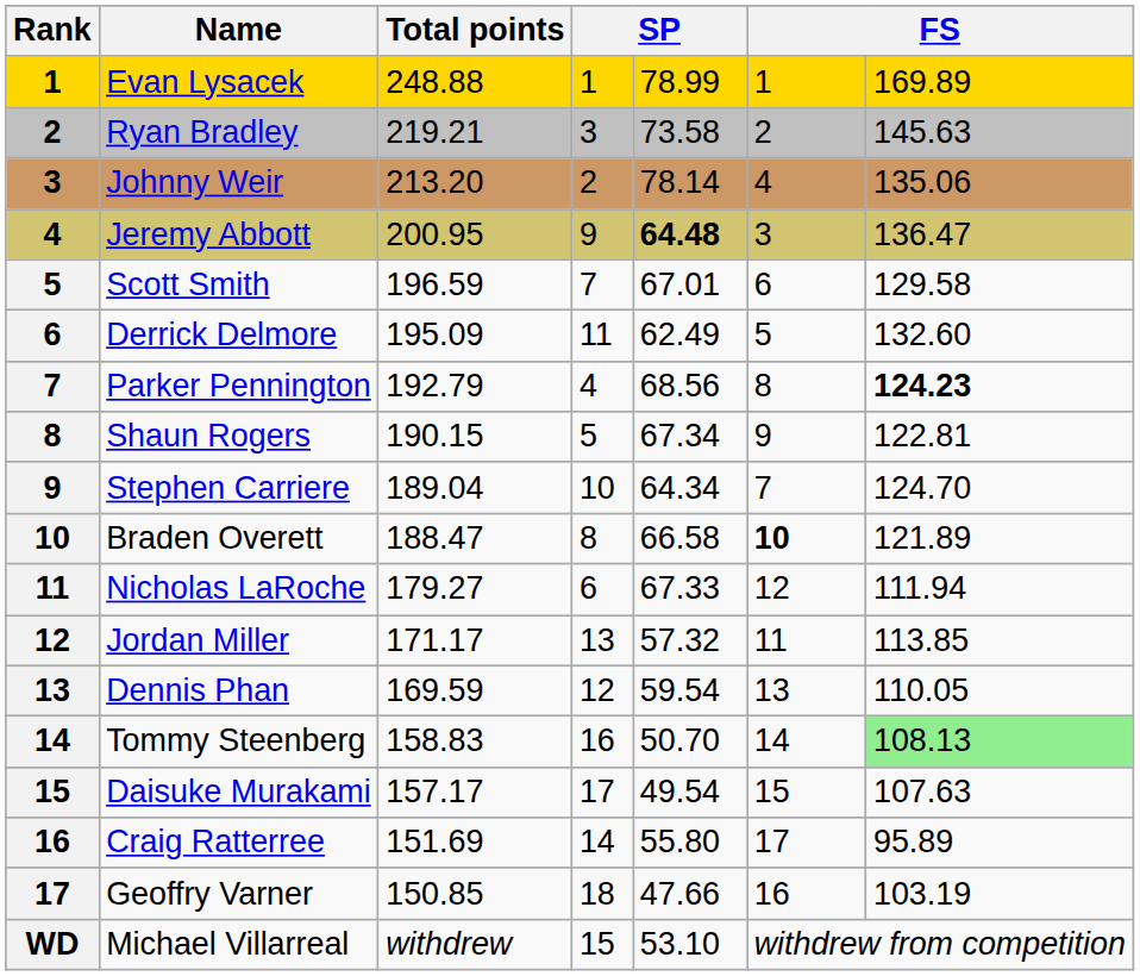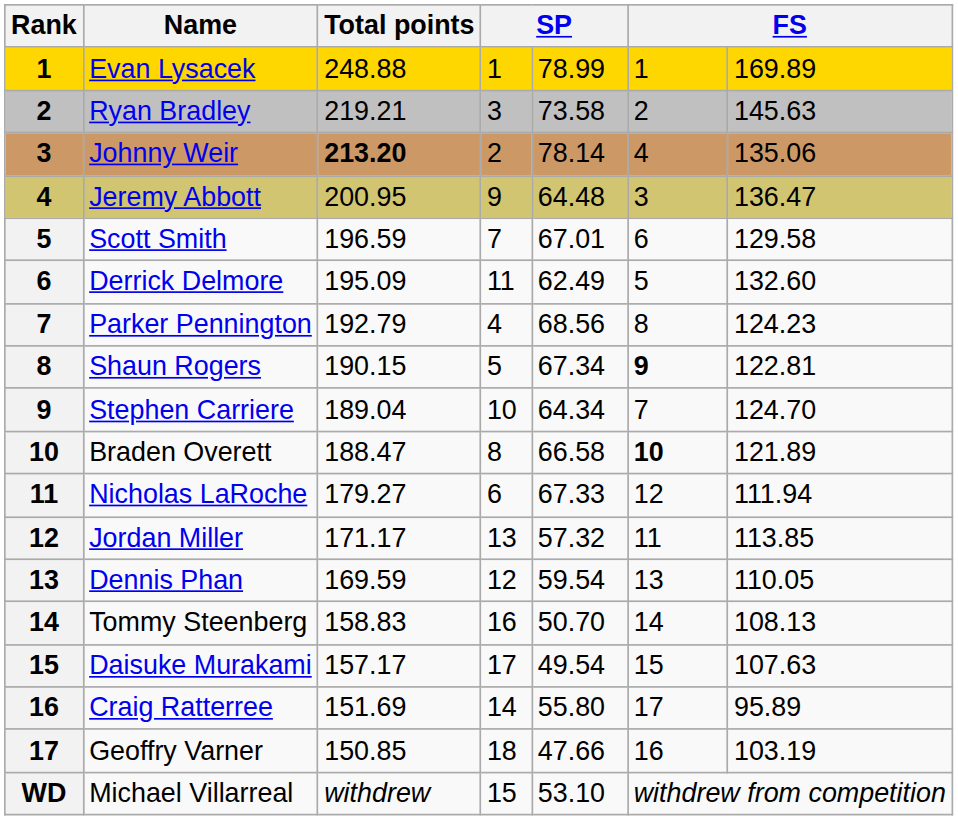 <table class="wikitable">
 <tr>
 <th>Rank</th>
 <th>Name</th>
 <th>Total points</th>
 <th colspan="2" width="80px"><a href='#'>SP</a></th>
 <th colspan="2" width="80px"><a href='#'>FS</a></th>
 </tr>
 <tr bgcolor="gold">
 <td align="center"><strong>1</strong></td>
 <td><a href='#'>Evan Lysacek</a></td>
 <td>248.88</td>
 <td>1</td>
 <td>78.99</td>
 <td>1</td>
 <td>169.89</td>
 </tr>
 <tr bgcolor="silver">
 <td align="center"><strong>2</strong></td>
 <td><a href='#'>Ryan Bradley</a></td>
 <td>219.21</td>
 <td>3</td>
 <td>73.58</td>
 <td>2</td>
 <td>145.63</td>
 </tr>
 <tr bgcolor="cc9966">
 <td align="center"><strong>3</strong></td>
 <td><a href='#'>Johnny Weir</a></td>
-<td>213.20</td>
+<td><strong>213.20</strong></td>
 <td>2</td>
 <td>78.14</td>
 <td>4</td>
 <td>135.06</td>
 </tr>
 <tr bgcolor="#d1c571">
 <td align="center"><strong>4</strong></td>
 <td><a href='#'>Jeremy Abbott</a></td>
 <td>200.95</td>
 <td>9</td>
-<td><strong>64.48</strong></td>
+<td>64.48</td>
 <td>3</td>
 <td>136.47</td>
 </tr>
 <tr>
 <th>5</th>
 <td><a href='#'>Scott Smith</a></td>
 <td>196.59</td>
 <td>7</td>
 <td>67.01</td>
 <td>6</td>
 <td>129.58</td>
 </tr>
 <tr>
 <th>6</th>
 <td><a href='#'>Derrick Delmore</a></td>
 <td>195.09</td>
 <td>11</td>
 <td>62.49</td>
 <td>5</td>
 <td>132.60</td>
 </tr>
 <tr>
 <th>7</th>
 <td><a href='#'>Parker Pennington</a></td>
 <td>192.79</td>
 <td>4</td>
 <td>68.56</td>
 <td>8</td>
-<td><strong>124.23</strong></td>
+<td>124.23</td>
 </tr>
 <tr>
 <th>8</th>
 <td><a href='#'>Shaun Rogers</a></td>
 <td>190.15</td>
 <td>5</td>
 <td>67.34</td>
-<td>9</td>
+<td><strong>9</strong></td>
 <td>122.81</td>
 </tr>
 <tr>
 <th>9</th>
 <td><a href='#'>Stephen Carriere</a></td>
 <td>189.04</td>
 <td>10</td>
 <td>64.34</td>
 <td>7</td>
 <td>124.70</td>
 </tr>
 <tr>
 <th>10</th>
 <td>Braden Overett</td>
 <td>188.47</td>
 <td>8</td>
 <td>66.58</td>
 <td><strong>10</strong></td>
 <td>121.89</td>
 </tr>
 <tr>
 <th>11</th>
 <td><a href='#'>Nicholas LaRoche</a></td>
 <td>179.27</td>
 <td>6</td>
 <td>67.33</td>
 <td>12</td>
 <td>111.94</td>
 </tr>
 <tr>
 <th>12</th>
 <td><a href='#'>Jordan Miller</a></td>
 <td>171.17</td>
 <td>13</td>
 <td>57.32</td>
 <td>11</td>
 <td>113.85</td>
 </tr>
 <tr>
 <th>13</th>
 <td><a href='#'>Dennis Phan</a></td>
 <td>169.59</td>
 <td>12</td>
 <td>59.54</td>
 <td>13</td>
 <td>110.05</td>
 </tr>
 <tr>
 <th>14</th>
 <td>Tommy Steenberg</td>
 <td>158.83</td>
 <td>16</td>
 <td>50.70</td>
 <td>14</td>
-<td style="background: lightgreen;">108.13</td>
+<td>108.13</td>
 </tr>
 <tr>
 <th>15</th>
 <td><a href='#'>Daisuke Murakami</a></td>
 <td>157.17</td>
 <td>17</td>
 <td>49.54</td>
 <td>15</td>
 <td>107.63</td>
 </tr>
 <tr>
 <th>16</th>
 <td><a href='#'>Craig Ratterree</a></td>
 <td>151.69</td>
 <td>14</td>
 <td>55.80</td>
 <td>17</td>
 <td>95.89</td>
 </tr>
 <tr>
 <th>17</th>
 <td>Geoffry Varner</td>
 <td>150.85</td>
 <td>18</td>
 <td>47.66</td>
 <td>16</td>
 <td>103.19</td>
 </tr>
 <tr>
 <th>WD</th>
 <td>Michael Villarreal</td>
 <td><em>withdrew</em></td>
 <td>15</td>
 <td>53.10</td>
 <td colspan="2"><em>withdrew from competition</em></td>
 </tr>
 </table>
